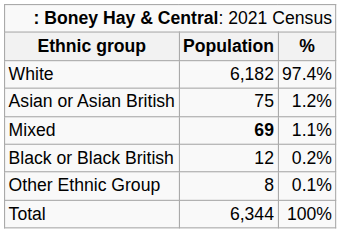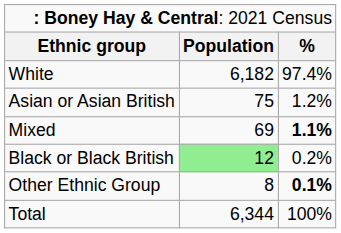 <table class="wikitable">
 <tr>
 <td colspan="14" style="text-align:right;"><strong>: Boney Hay & Central</strong>: 2021 Census</td>
 </tr>
 <tr>
 <th>Ethnic group</th>
 <th>Population</th>
 <th>%</th>
 </tr>
 <tr>
 <td>White</td>
 <td style="text-align:right;">6,182</td>
 <td style="text-align:right;">97.4%</td>
 </tr>
 <tr>
 <td>Asian or Asian British</td>
 <td style="text-align:right;">75</td>
 <td style="text-align:right;">1.2%</td>
 </tr>
 <tr>
 <td>Mixed</td>
-<td style="text-align:right;"><strong>69</strong></td>
-<td style="text-align:right;">1.1%</td>
+<td style="text-align:right;">69</td>
+<td style="text-align:right;"><strong>1.1%</strong></td>
 </tr>
 <tr>
 <td>Black or Black British</td>
-<td style="text-align:right;">12</td>
+<td style="background: lightgreen; text-align:right;">12</td>
 <td style="text-align:right;">0.2%</td>
 </tr>
 <tr>
 <td>Other Ethnic Group</td>
 <td style="text-align:right;">8</td>
-<td style="text-align:right;">0.1%</td>
+<td style="text-align:right;"><strong>0.1%</strong></td>
 </tr>
 <tr>
 <td>Total</td>
 <td style="text-align:right;">6,344</td>
 <td style="text-align:right;">100%</td>
 </tr>
 </table>
